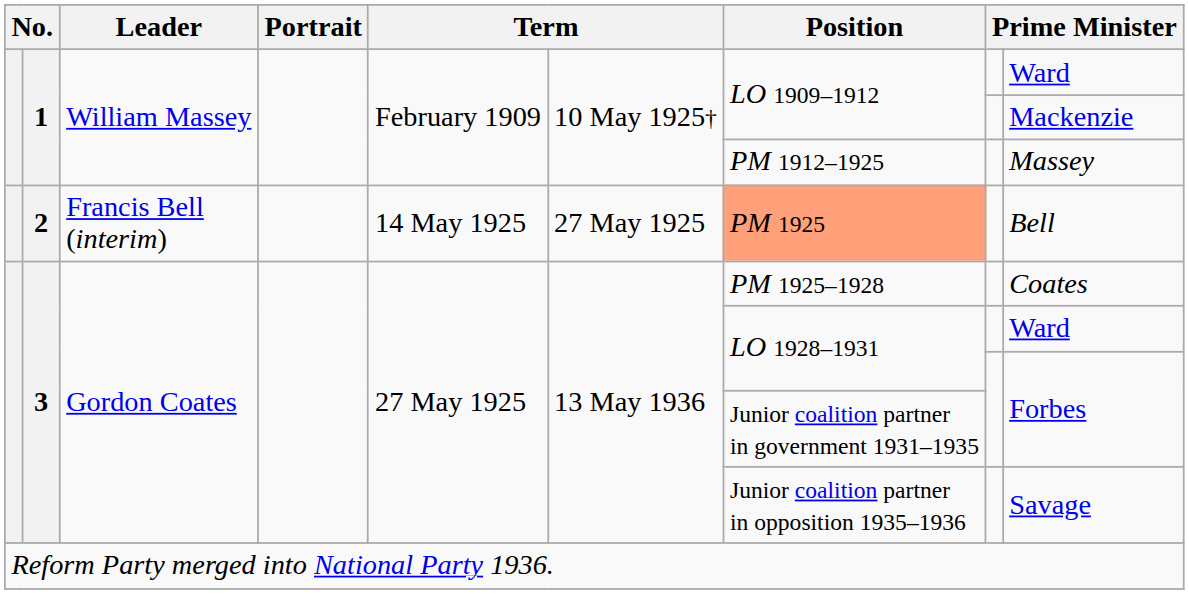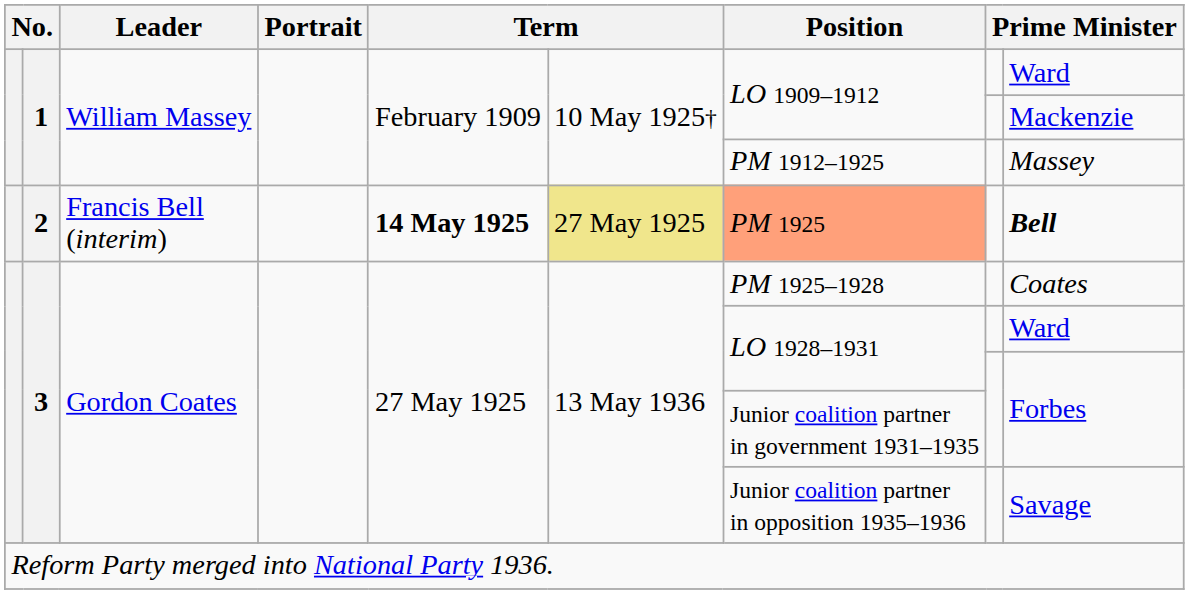 <table class="wikitable">
 <tr>
 <th colspan=2>No.</th>
 <th>Leader</th>
 <th>Portrait</th>
 <th colspan=2>Term</th>
 <th>Position</th>
 <th colspan=2>Prime Minister</th>
 </tr>
 <tr>
 <th rowspan=3 style="background:"></th>
 <th rowspan=3>1</th>
 <td rowspan=3><a href='#'>William Massey</a></td>
 <td rowspan=3></td>
 <td rowspan=3>February 1909</td>
 <td rowspan=3>10 May 1925<small>†</small></td>
 <td rowspan=2><em>LO</em> <small>1909–1912</small></td>
 <td style="background:"></td>
 <td><a href='#'>Ward</a></td>
 </tr>
 <tr>
 <td style="background:"></td>
 <td><a href='#'>Mackenzie</a></td>
 </tr>
 <tr>
 <td><em>PM</em> <small>1912–1925</small></td>
 <td style="background:"></td>
 <td><em>Massey</em></td>
 </tr>
 <tr>
 <th style="background:"></th>
 <th>2</th>
 <td><a href='#'>Francis Bell</a><br>(<em>interim</em>)</td>
 <td></td>
-<td>14 May 1925</td>
-<td>27 May 1925</td>
+<td><strong>14 May 1925</strong></td>
+<td style="background: khaki;">27 May 1925</td>
 <td style="background: lightsalmon;"><em>PM</em> <small>1925</small></td>
 <td style="background:"></td>
-<td><em>Bell</em></td>
+<td><strong><em>Bell</em></strong></td>
 </tr>
 <tr>
 <th rowspan=5 style="background:"></th>
 <th rowspan=5>3</th>
 <td rowspan=5><a href='#'>Gordon Coates</a></td>
 <td rowspan=5></td>
 <td rowspan=5>27 May 1925</td>
 <td rowspan=5>13 May 1936</td>
 <td><em>PM</em> <small>1925–1928</small></td>
 <td style="background:"></td>
 <td><em>Coates</em></td>
 </tr>
 <tr>
 <td rowspan=2><em>LO</em> <small>1928–1931</small></td>
 <td style="background:"></td>
 <td><a href='#'>Ward</a></td>
 </tr>
 <tr>
 <td height=15 style="border-bottom:solid 0 gray; background:"></td>
 <td rowspan=2><a href='#'>Forbes</a></td>
 </tr>
 <tr>
 <td><small>Junior <a href='#'>coalition</a> partner<br>in government 1931–1935</small></td>
 <td style="border-top:solid 0 gray; background:"></td>
 </tr>
 <tr>
 <td><small>Junior <a href='#'>coalition</a> partner<br>in opposition 1935–1936</small></td>
 <td style="background:"></td>
 <td><a href='#'>Savage</a></td>
 </tr>
 <tr>
 <td colspan=9><em>Reform Party merged into <a href='#'>National Party</a> 1936.</em></td>
 </tr>
 </table>
